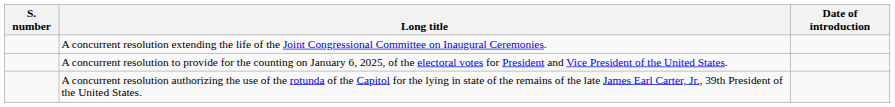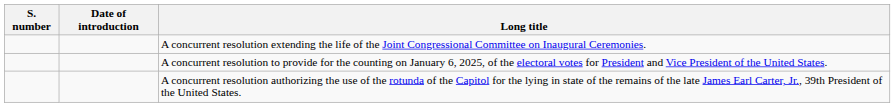 <table class="wikitable">
 <tr valign="bottom">
 <th>S. number</th>
+<th>Date of introduction</th>
 <th>Long title</th>
-<th>Date of introduction</th>
 </tr>
 <tr>
 <td></td>
+<td></td>
 <td>A concurrent resolution extending the life of the <a href='#'>Joint Congressional Committee on Inaugural Ceremonies</a>.</td>
-<td></td>
 </tr>
 <tr>
 <td></td>
+<td></td>
 <td>A concurrent resolution to provide for the counting on January 6, 2025, of the <a href='#'>electoral votes</a> for <a href='#'>President</a> and <a href='#'>Vice President of the United States</a>.</td>
-<td></td>
 </tr>
 <tr>
 <td></td>
+<td></td>
 <td>A concurrent resolution authorizing the use of the <a href='#'>rotunda</a> of the <a href='#'>Capitol</a> for the lying in state of the remains of the late <a href='#'>James Earl Carter, Jr.</a>, 39th President of the United States.</td>
-<td></td>
 </tr>
 </table>
